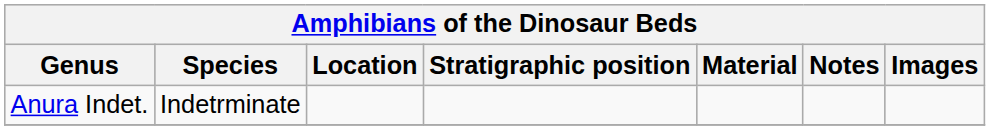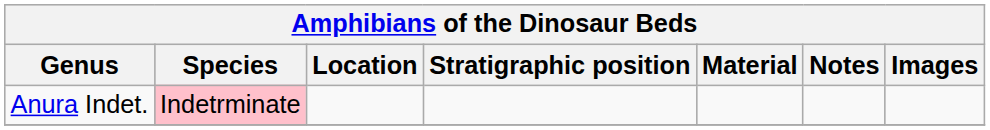 <table class="wikitable" align="center">
 <tr>
 <th colspan="7" align="center"><a href='#'>Amphibians</a> of the Dinosaur Beds</th>
 </tr>
 <tr>
 <th>Genus</th>
 <th>Species</th>
 <th>Location</th>
 <th>Stratigraphic position</th>
 <th>Material</th>
 <th>Notes</th>
 <th>Images</th>
 </tr>
 <tr>
 <td><a href='#'>Anura</a> Indet.</td>
-<td>Indetrminate</td>
+<td style="background: pink;">Indetrminate</td>
 <td></td>
 <td></td>
 <td></td>
 <td></td>
 <td></td>
 </tr>
 <tr>
 </tr>
 </table>
